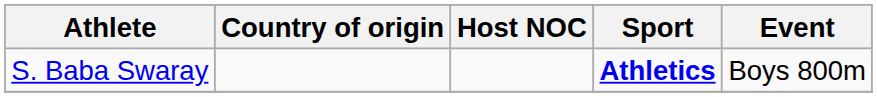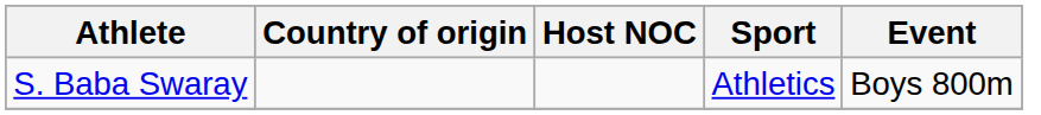 <table class='sortable wikitable' style=font-size:95%>
 <tr>
 <th>Athlete</th>
 <th>Country of origin</th>
 <th>Host NOC</th>
 <th>Sport</th>
 <th>Event</th>
 </tr>
 <tr>
 <td><a href='#'>S. Baba Swaray</a></td>
 <td></td>
 <td></td>
-<td><strong><a href='#'>Athletics</a></strong></td>
+<td><a href='#'>Athletics</a></td>
 <td>Boys 800m</td>
 </tr>
 <tr>
 </tr>
 </table>
